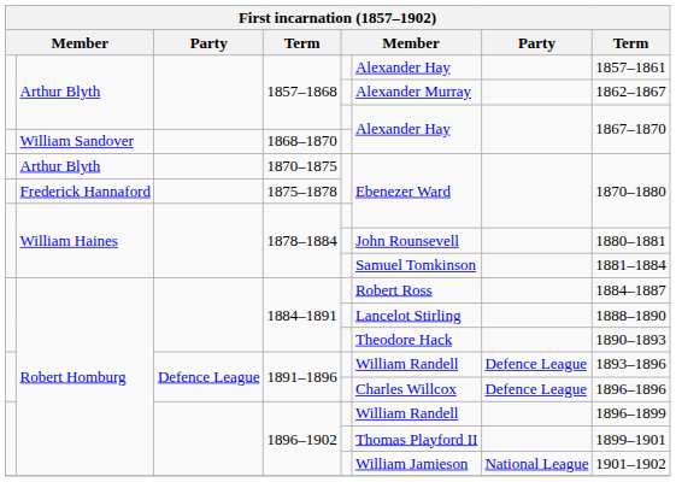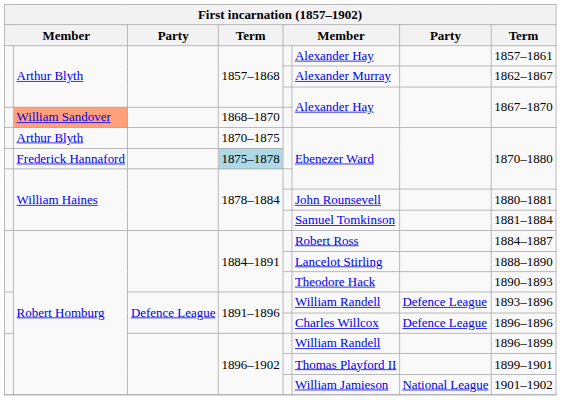 <table class="wikitable">
 <tr>
 <th colspan = 8>First incarnation (1857–1902)</th>
 </tr>
 <tr>
 <th colspan=2>Member</th>
 <th>Party</th>
 <th>Term</th>
 <th colspan=2>Member</th>
 <th>Party</th>
 <th>Term</th>
 </tr>
 <tr>
 <td rowspan=3 > </td>
 <td rowspan=3><a href='#'>Arthur Blyth</a></td>
 <td rowspan=3></td>
 <td rowspan=3>1857–1868</td>
 <td> </td>
 <td><a href='#'>Alexander Hay</a></td>
 <td></td>
 <td>1857–1861</td>
 </tr>
 <tr>
 <td> </td>
 <td><a href='#'>Alexander Murray</a></td>
 <td></td>
 <td>1862–1867</td>
 </tr>
 <tr>
 <td> </td>
 <td rowspan=2><a href='#'>Alexander Hay</a></td>
 <td rowspan=2></td>
 <td rowspan=2>1867–1870</td>
 </tr>
 <tr>
 <td> </td>
-<td><a href='#'>William Sandover</a></td>
+<td style="background: lightsalmon;"><a href='#'>William Sandover</a></td>
 <td></td>
 <td>1868–1870</td>
 <td> </td>
 </tr>
 <tr>
 <td> </td>
 <td><a href='#'>Arthur Blyth</a></td>
 <td></td>
 <td>1870–1875</td>
 <td rowspan=2 > </td>
 <td rowspan=3><a href='#'>Ebenezer Ward</a></td>
 <td rowspan=3></td>
 <td rowspan=3>1870–1880</td>
 </tr>
 <tr>
 <td> </td>
 <td><a href='#'>Frederick Hannaford</a></td>
 <td></td>
-<td>1875–1878</td>
+<td style="background: lightblue;">1875–1878</td>
 </tr>
 <tr>
 <td rowspan=3 > </td>
 <td rowspan=3><a href='#'>William Haines</a></td>
 <td rowspan=3></td>
 <td rowspan=3>1878–1884</td>
 <td> </td>
 </tr>
 <tr>
 <td> </td>
 <td><a href='#'>John Rounsevell</a></td>
 <td></td>
 <td>1880–1881</td>
 </tr>
 <tr>
 <td> </td>
 <td><a href='#'>Samuel Tomkinson</a></td>
 <td></td>
 <td>1881–1884</td>
 </tr>
 <tr>
 <td rowspan=3 > </td>
 <td rowspan=8><a href='#'>Robert Homburg</a></td>
 <td rowspan=3></td>
 <td rowspan=3>1884–1891</td>
 <td> </td>
 <td><a href='#'>Robert Ross</a></td>
 <td></td>
 <td>1884–1887</td>
 </tr>
 <tr>
 <td> </td>
 <td><a href='#'>Lancelot Stirling</a></td>
 <td></td>
 <td>1888–1890</td>
 </tr>
 <tr>
 <td> </td>
 <td><a href='#'>Theodore Hack</a></td>
 <td></td>
 <td>1890–1893</td>
 </tr>
 <tr>
 <td rowspan=2 > </td>
 <td rowspan=2><a href='#'>Defence League</a></td>
 <td rowspan=2>1891–1896</td>
 <td> </td>
 <td><a href='#'>William Randell</a></td>
 <td><a href='#'>Defence League</a></td>
 <td>1893–1896</td>
 </tr>
 <tr>
 <td> </td>
 <td><a href='#'>Charles Willcox</a></td>
 <td><a href='#'>Defence League</a></td>
 <td>1896–1896</td>
 </tr>
 <tr>
 <td rowspan=3 > </td>
 <td rowspan=3></td>
 <td rowspan=3>1896–1902</td>
 <td> </td>
 <td><a href='#'>William Randell</a></td>
 <td></td>
 <td>1896–1899</td>
 </tr>
 <tr>
 <td> </td>
 <td><a href='#'>Thomas Playford II</a></td>
 <td></td>
 <td>1899–1901</td>
 </tr>
 <tr>
 <td> </td>
 <td><a href='#'>William Jamieson</a></td>
 <td><a href='#'>National League</a></td>
 <td>1901–1902</td>
 </tr>
 <tr>
 </tr>
 </table>
